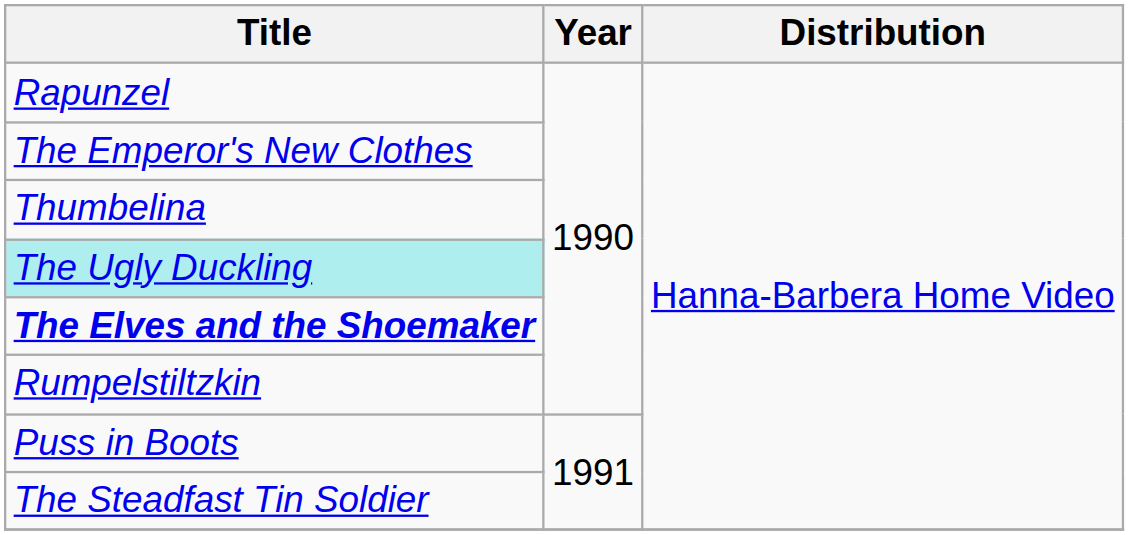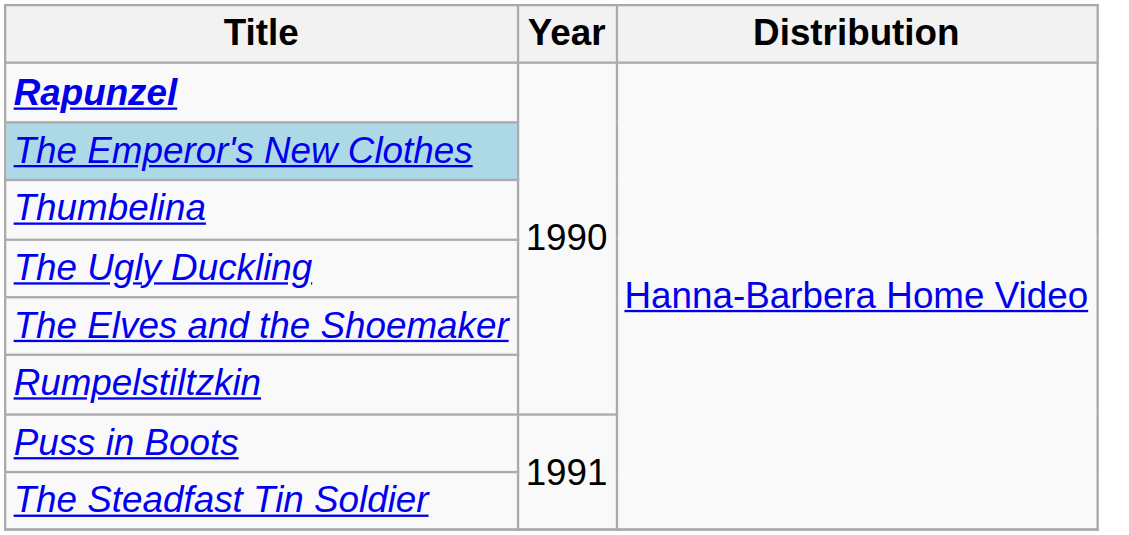 <table class="wikitable sortable">
 <tr>
 <th><strong>Title</strong></th>
 <th><strong>Year</strong></th>
 <th><strong>Distribution</strong></th>
 </tr>
 <tr>
-<td><em><a href='#'>Rapunzel</a></em></td>
+<td><strong><em><a href='#'>Rapunzel</a></em></strong></td>
 <td rowspan="6">1990</td>
 <td rowspan="8"><a href='#'>Hanna-Barbera Home Video</a></td>
 </tr>
 <tr>
-<td><em><a href='#'>The Emperor's New Clothes</a></em></td>
+<td style="background: lightblue;"><em><a href='#'>The Emperor's New Clothes</a></em></td>
 </tr>
 <tr>
 <td><em><a href='#'>Thumbelina</a></em></td>
 </tr>
 <tr>
-<td style="background: paleturquoise;"><em><a href='#'>The Ugly Duckling</a></em></td>
+<td><em><a href='#'>The Ugly Duckling</a></em></td>
 </tr>
 <tr>
-<td><strong><em><a href='#'>The Elves and the Shoemaker</a></em></strong></td>
+<td><em><a href='#'>The Elves and the Shoemaker</a></em></td>
 </tr>
 <tr>
 <td><em><a href='#'>Rumpelstiltzkin</a></em></td>
 </tr>
 <tr>
 <td><em><a href='#'>Puss in Boots</a></em></td>
 <td rowspan="2">1991</td>
 </tr>
 <tr>
 <td><em><a href='#'>The Steadfast Tin Soldier</a></em></td>
 </tr>
 <tr>
 </tr>
 </table>
